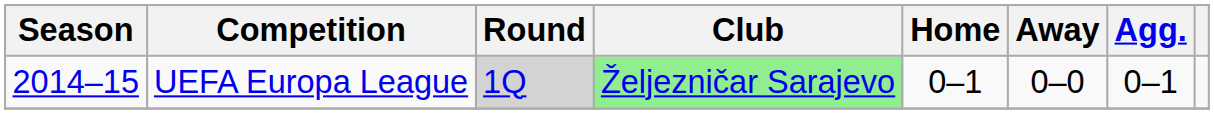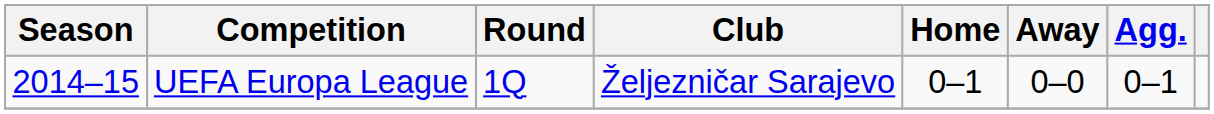 <table class="wikitable">
 <tr>
 <th>Season</th>
 <th>Competition</th>
 <th>Round</th>
 <th>Club</th>
 <th>Home</th>
 <th>Away</th>
 <th><a href='#'>Agg.</a></th>
 <th></th>
 </tr>
 <tr>
 <td><a href='#'>2014–15</a></td>
 <td><a href='#'>UEFA Europa League</a></td>
-<td style="background: lightgrey;"><a href='#'>1Q</a></td>
-<td style="background: lightgreen;"> <a href='#'>Željezničar Sarajevo</a></td>
+<td><a href='#'>1Q</a></td>
+<td> <a href='#'>Željezničar Sarajevo</a></td>
 <td style="text-align:center;">0–1</td>
 <td style="text-align:center;">0–0</td>
 <td style="text-align:center;">0–1</td>
 <td style="text-align:center;"></td>
 </tr>
 <tr>
 </tr>
 </table>
